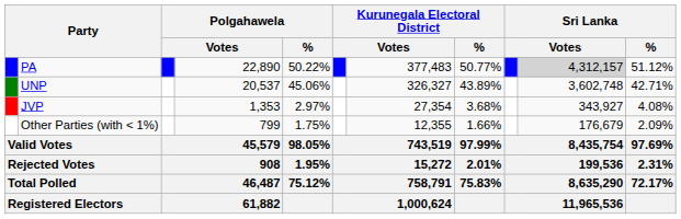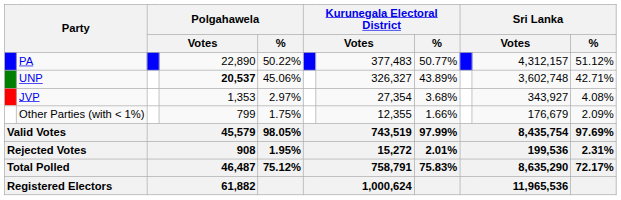 <table class="wikitable">
 <tr>
 <th colspan="2" width="144px"rowspan="2">Party</th>
 <th colspan="3" width="216px">Polgahawela</th>
 <th colspan="3" width="216px"><a href='#'>Kurunegala Electoral District</a></th>
 <th colspan="3" width="216px">Sri Lanka</th>
 </tr>
 <tr>
 <th colspan="2" width="144px">Votes</th>
 <th>%</th>
 <th colspan="2" width="144px">Votes</th>
 <th>%</th>
 <th colspan="2" width="144px">Votes</th>
 <th>%</th>
 </tr>
 <tr>
 <td style="background-color:blue;" width="10px"></td>
 <td style="text-align:left;"><a href='#'>PA</a></td>
 <td style="background-color:blue;" width="10px"></td>
 <td style="text-align:right;">22,890</td>
 <td style="text-align:right;">50.22%</td>
 <td style="background-color:blue;" width="10px"></td>
 <td style="text-align:right;">377,483</td>
 <td style="text-align:right;">50.77%</td>
 <td style="background-color:blue;" width="10px"></td>
-<td style="background: lightgrey; text-align:right;">4,312,157</td>
+<td style="text-align:right;">4,312,157</td>
 <td style="text-align:right;">51.12%</td>
 </tr>
 <tr>
 <td style="background-color:green;" width="10px"></td>
 <td style="text-align:left;"><a href='#'>UNP</a></td>
 <td style="background-color:white;" width="10px"></td>
-<td style="text-align:right;">20,537</td>
+<td style="text-align:right;"><strong>20,537</strong></td>
 <td style="text-align:right;">45.06%</td>
 <td style="background-color:white;" width="10px"></td>
 <td style="text-align:right;">326,327</td>
 <td style="text-align:right;">43.89%</td>
 <td style="background-color:white;" width="10px"></td>
 <td style="text-align:right;">3,602,748</td>
 <td style="text-align:right;">42.71%</td>
 </tr>
 <tr>
 <td style="background-color:red;" width="10px"></td>
 <td style="text-align:left;"><a href='#'>JVP</a></td>
 <td style="background-color:white;" width="10px"></td>
 <td style="text-align:right;">1,353</td>
 <td style="text-align:right;">2.97%</td>
 <td style="background-color:white;" width="10px"></td>
 <td style="text-align:right;">27,354</td>
 <td style="text-align:right;">3.68%</td>
 <td style="background-color:white;" width="10px"></td>
 <td style="text-align:right;">343,927</td>
 <td style="text-align:right;">4.08%</td>
 </tr>
 <tr>
 <td style="background-color:white;" width="10px"></td>
 <td style="text-align:left;">Other Parties (with < 1%)</td>
 <td style="background-color:white;" width="10px"></td>
 <td style="text-align:right;">799</td>
 <td style="text-align:right;">1.75%</td>
 <td style="background-color:white;" width="10px"></td>
 <td style="text-align:right;">12,355</td>
 <td style="text-align:right;">1.66%</td>
 <td style="background-color:white;" width="10px"></td>
 <td style="text-align:right;">176,679</td>
 <td style="text-align:right;">2.09%</td>
 </tr>
 <tr>
 <th colspan="2" width="144px"style="text-align:left;">Valid Votes</th>
 <th style="text-align:right;"colspan="2" width="144px">45,579</th>
 <th style="text-align:right;">98.05%</th>
 <th style="text-align:right;"colspan="2" width="144px">743,519</th>
 <th style="text-align:right;">97.99%</th>
 <th style="text-align:right;"colspan="2" width="144px">8,435,754</th>
 <th style="text-align:right;">97.69%</th>
 </tr>
 <tr>
 <th colspan="2" width="144px"style="text-align:left;">Rejected Votes</th>
 <th style="text-align:right;"colspan="2" width="144px">908</th>
 <th style="text-align:right;">1.95%</th>
 <th style="text-align:right;"colspan="2" width="144px">15,272</th>
 <th style="text-align:right;">2.01%</th>
 <th style="text-align:right;"colspan="2" width="144px">199,536</th>
 <th style="text-align:right;">2.31%</th>
 </tr>
 <tr>
 <th colspan="2" width="144px"style="text-align:left;">Total Polled</th>
 <th style="text-align:right;"colspan="2" width="144px">46,487</th>
 <th style="text-align:right;">75.12%</th>
 <th style="text-align:right;"colspan="2" width="144px">758,791</th>
 <th style="text-align:right;">75.83%</th>
 <th style="text-align:right;"colspan="2" width="144px">8,635,290</th>
 <th style="text-align:right;">72.17%</th>
 </tr>
 <tr>
 <th colspan="2" width="144px"style="text-align:left;">Registered Electors</th>
 <th style="text-align:right;"colspan="2" width="144px">61,882</th>
 <th></th>
 <th style="text-align:right;"colspan="2" width="144px">1,000,624</th>
 <th></th>
 <th style="text-align:right;"colspan="2" width="144px">11,965,536</th>
 <th></th>
 </tr>
 </table>
